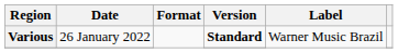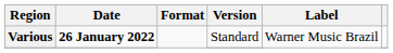 <table class="wikitable plainrowheaders">
 <tr>
 <th scope="col">Region</th>
 <th scope="col">Date</th>
 <th scope="col">Format</th>
 <th scope="col">Version</th>
 <th scope="col">Label</th>
 <th scope="col" class="unsortable"></th>
 </tr>
 <tr>
 <th scope="row">Various</th>
-<td>26 January 2022</td>
+<td><strong>26 January 2022</strong></td>
 <td rowspan="3"></td>
-<td><strong>Standard</strong></td>
+<td>Standard</td>
 <td rowspan="3">Warner Music Brazil</td>
 <td></td>
 </tr>
 <tr>
 </tr>
 </table>
